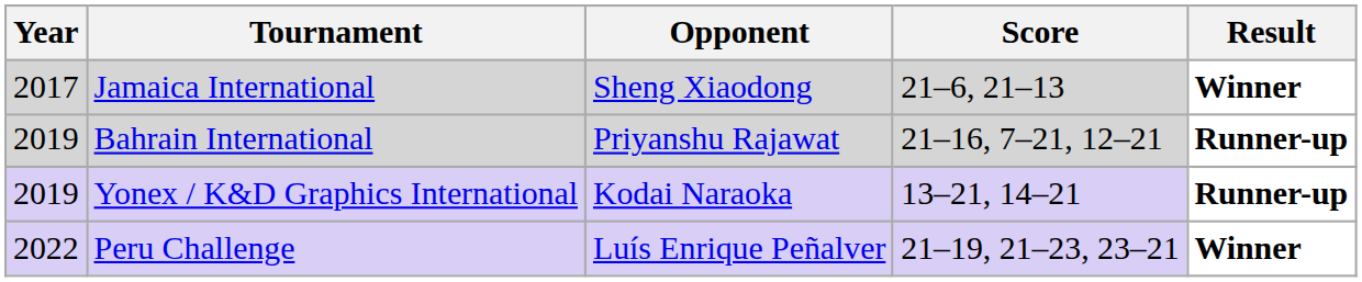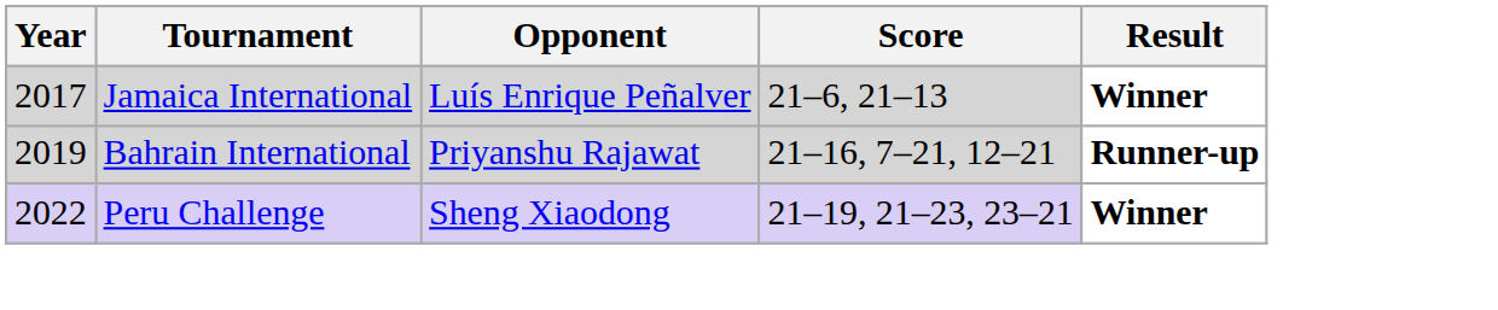 <table class="sortable wikitable" style="font-size: 90%;">
 <tr>
 <th>Year</th>
 <th>Tournament</th>
 <th>Opponent</th>
 <th>Score</th>
 <th>Result</th>
 </tr>
 <tr style="background:#D5D5D5">
 <td align="center">2017</td>
 <td align="left"><a href='#'>Jamaica International</a></td>
-<td align="left"> <a href='#'>Sheng Xiaodong</a></td>
+<td align="left"> <a href='#'>Luís Enrique Peñalver</a></td>
 <td align="left">21–6, 21–13</td>
 <td style="text-align:left; background:white"> <strong>Winner</strong></td>
 </tr>
 <tr style="background:#D5D5D5">
 <td align="center">2019</td>
 <td align="left"><a href='#'>Bahrain International</a></td>
 <td align="left"> <a href='#'>Priyanshu Rajawat</a></td>
 <td align="left">21–16, 7–21, 12–21</td>
 <td style="text-align:left; background:white"> <strong>Runner-up</strong></td>
 </tr>
 <tr style="background:#D8CEF6">
-<td align="center">2019</td>
-<td align="left"><a href='#'>Yonex / K&D Graphics International</a></td>
-<td align="left"> <a href='#'>Kodai Naraoka</a></td>
-<td align="left">13–21, 14–21</td>
-<td style="text-align:left; background:white"> <strong>Runner-up</strong></td>
-</tr>
-<tr style="background:#D8CEF6">
 <td align="center">2022</td>
 <td align="left"><a href='#'>Peru Challenge</a></td>
-<td align="left"> <a href='#'>Luís Enrique Peñalver</a></td>
+<td align="left"> <a href='#'>Sheng Xiaodong</a></td>
 <td align="left">21–19, 21–23, 23–21</td>
 <td style="text-align:left; background:white"> <strong>Winner</strong></td>
 </tr>
 </table>
